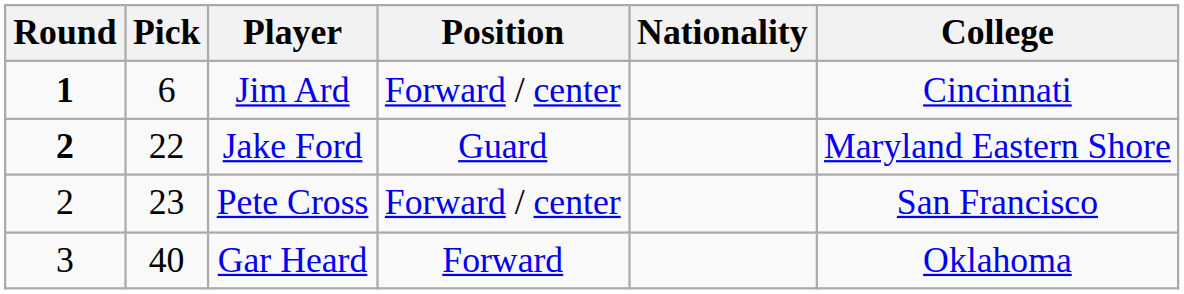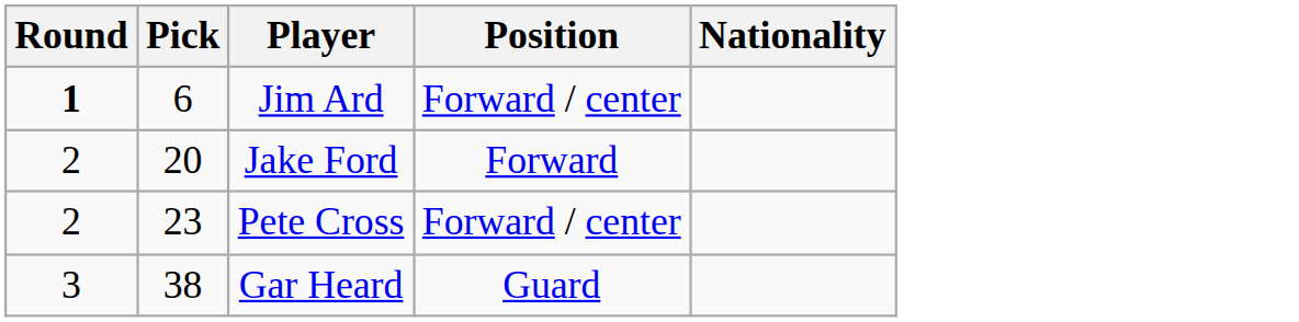 <table class="wikitable sortable sortable">
 <tr>
 <th>Round</th>
 <th>Pick</th>
 <th>Player</th>
 <th>Position</th>
 <th>Nationality</th>
-<th>College</th>
 </tr>
 <tr style="text-align: center">
 <td><strong>1</strong></td>
 <td>6</td>
 <td><a href='#'>Jim Ard</a></td>
 <td><a href='#'>Forward</a> / <a href='#'>center</a></td>
 <td></td>
-<td><a href='#'>Cincinnati</a></td>
 </tr>
 <tr style="text-align: center">
-<td><strong>2</strong></td>
-<td>22</td>
+<td>2</td>
+<td>20</td>
 <td><a href='#'>Jake Ford</a></td>
-<td><a href='#'>Guard</a></td>
+<td><a href='#'>Forward</a></td>
 <td></td>
-<td><a href='#'>Maryland Eastern Shore</a></td>
 </tr>
 <tr style="text-align: center">
 <td>2</td>
 <td>23</td>
 <td><a href='#'>Pete Cross</a></td>
 <td><a href='#'>Forward</a> / <a href='#'>center</a></td>
 <td></td>
-<td><a href='#'>San Francisco</a></td>
 </tr>
 <tr style="text-align: center">
 <td>3</td>
-<td>40</td>
+<td>38</td>
 <td><a href='#'>Gar Heard</a></td>
-<td><a href='#'>Forward</a></td>
+<td><a href='#'>Guard</a></td>
 <td></td>
-<td><a href='#'>Oklahoma</a></td>
 </tr>
 </table>
